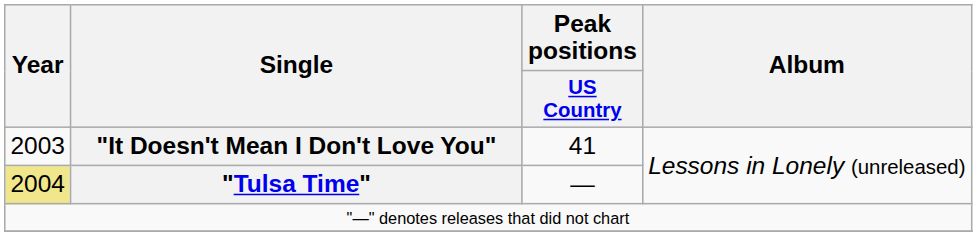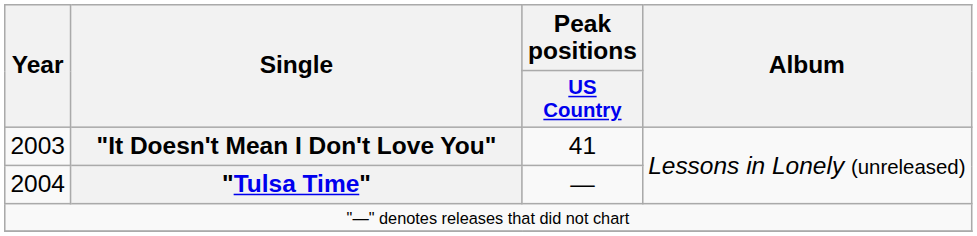 <table class="wikitable plainrowheaders" style="text-align:center;">
 <tr>
 <th rowspan="2">Year</th>
 <th rowspan="2" style="width:18em;">Single</th>
 <th colspan="1">Peak positions</th>
 <th rowspan="2">Album</th>
 </tr>
 <tr style="font-size:smaller;">
 <th width="65"><a href='#'>US Country</a></th>
 </tr>
 <tr>
 <td>2003</td>
 <th scope="row">"It Doesn't Mean I Don't Love You"</th>
 <td>41</td>
 <td align="left" rowspan="2"><em>Lessons in Lonely</em> <small>(unreleased)</small></td>
 </tr>
 <tr>
-<td style="background: khaki;">2004</td>
+<td>2004</td>
 <th scope="row">"<a href='#'>Tulsa Time</a>"</th>
 <td>—</td>
 </tr>
 <tr>
 <td colspan="4" style="font-size:8pt">"—" denotes releases that did not chart</td>
 </tr>
 <tr>
 </tr>
 </table>
